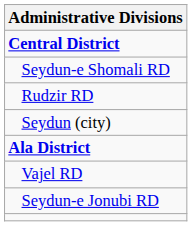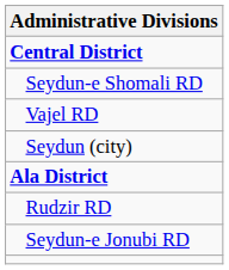 <table class="wikitable">
 <tr>
 <th>Administrative Divisions</th>
 </tr>
 <tr>
 <td><strong><a href='#'>Central District</a></strong></td>
 </tr>
 <tr>
 <td style="padding-left: 1em;"><a href='#'>Seydun-e Shomali RD</a></td>
 </tr>
 <tr>
-<td style="padding-left: 1em;"><a href='#'>Rudzir RD</a></td>
+<td style="padding-left: 1em;"><a href='#'>Vajel RD</a></td>
 </tr>
 <tr>
 <td style="padding-left: 1em;"><a href='#'>Seydun</a> (city)</td>
 </tr>
 <tr>
 <td><strong><a href='#'>Ala District</a></strong></td>
 </tr>
 <tr>
-<td style="padding-left: 1em;"><a href='#'>Vajel RD</a></td>
+<td style="padding-left: 1em;"><a href='#'>Rudzir RD</a></td>
 </tr>
 <tr>
 <td style="padding-left: 1em;"><a href='#'>Seydun-e Jonubi RD</a></td>
 </tr>
 <tr>
 <td colspan=1></td>
 </tr>
 </table>
